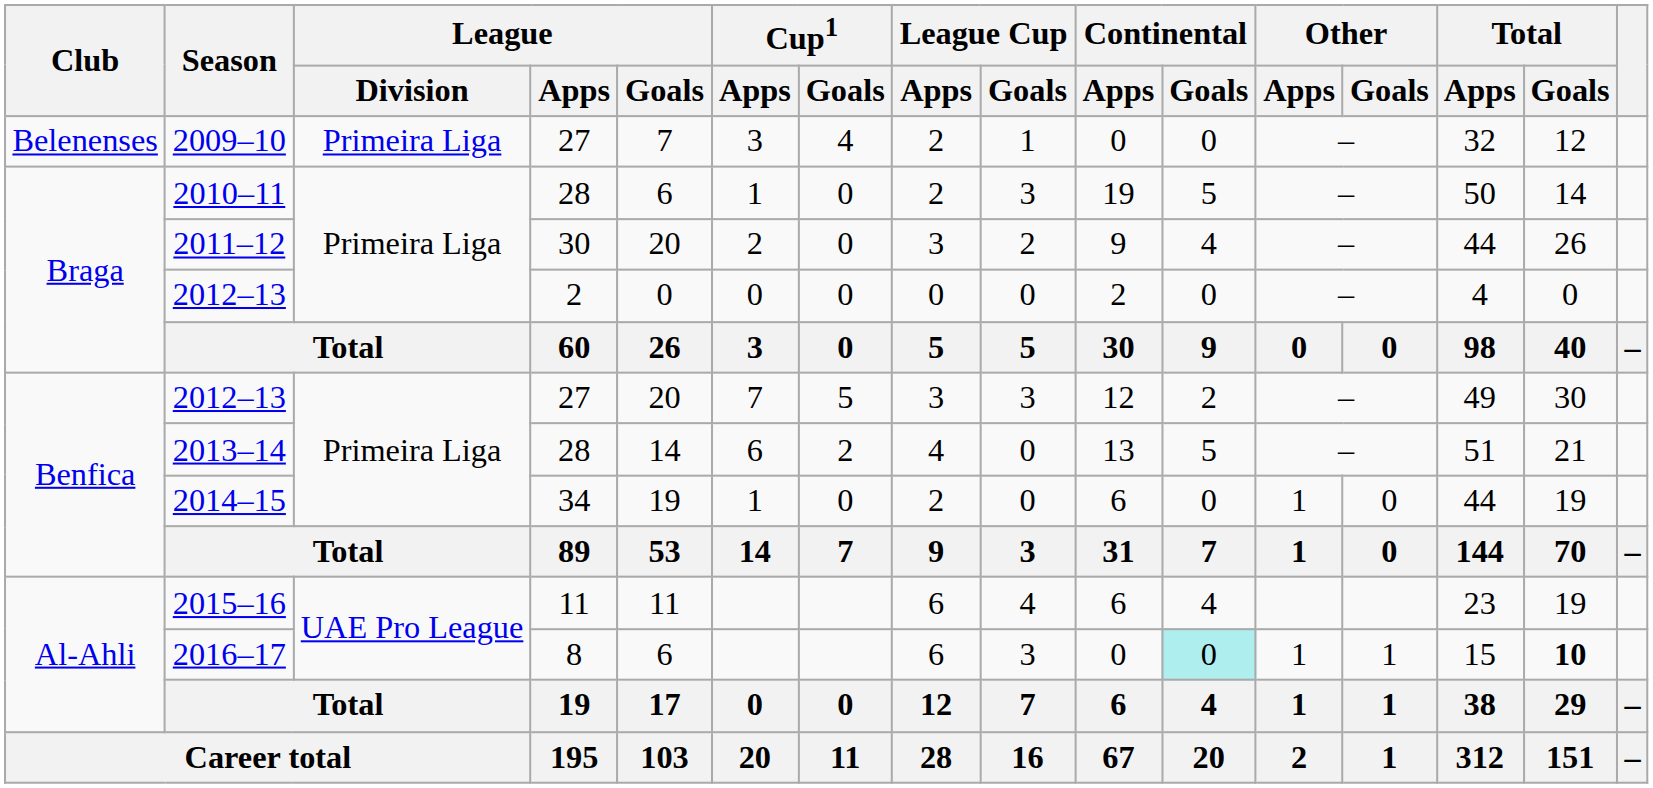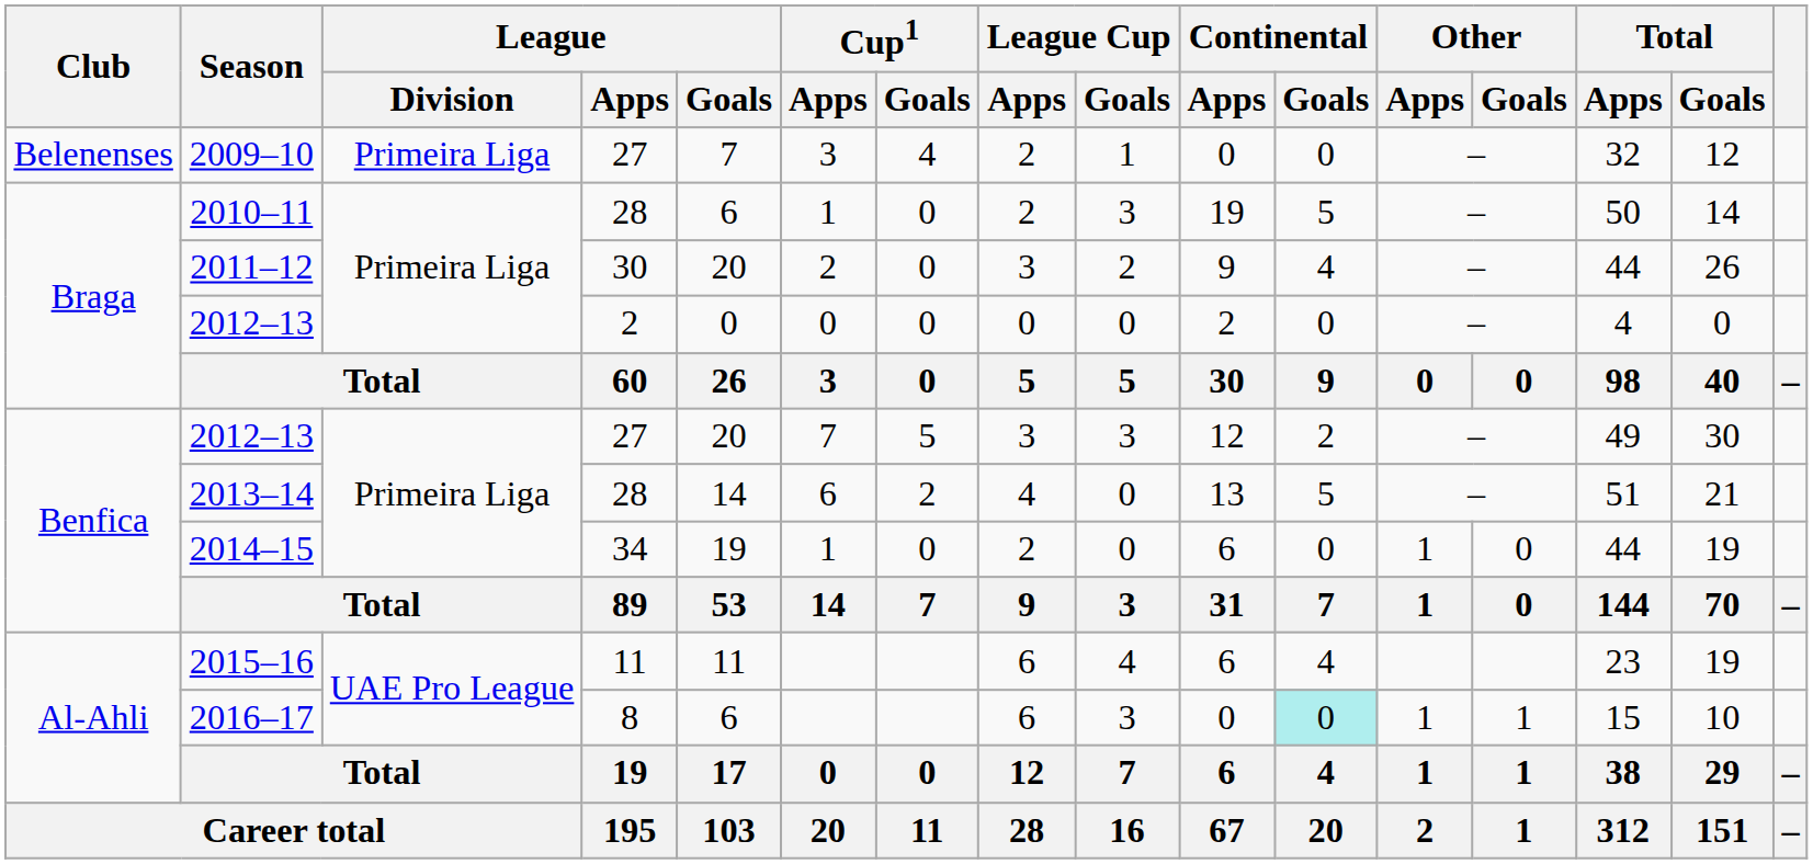 <table class="wikitable" style="text-align: center">
 <tr>
 <th rowspan="2">Club</th>
 <th rowspan="2">Season</th>
 <th colspan="3">League</th>
 <th colspan="2">Cup<sup>1</sup></th>
 <th colspan="2">League Cup</th>
 <th colspan="2">Continental</th>
 <th colspan="2">Other</th>
 <th colspan="2">Total</th>
 <th rowspan="2"></th>
 </tr>
 <tr>
 <th>Division</th>
 <th>Apps</th>
 <th>Goals</th>
 <th>Apps</th>
 <th>Goals</th>
 <th>Apps</th>
 <th>Goals</th>
 <th>Apps</th>
 <th>Goals</th>
 <th>Apps</th>
 <th>Goals</th>
 <th>Apps</th>
 <th>Goals</th>
 </tr>
 <tr>
 <td><a href='#'>Belenenses</a></td>
 <td><a href='#'>2009–10</a></td>
 <td><a href='#'>Primeira Liga</a></td>
 <td>27</td>
 <td>7</td>
 <td>3</td>
 <td>4</td>
 <td>2</td>
 <td>1</td>
 <td>0</td>
 <td>0</td>
 <td colspan="2">–</td>
 <td>32</td>
 <td>12</td>
 <td></td>
 </tr>
 <tr>
 <td rowspan="4"><a href='#'>Braga</a></td>
 <td><a href='#'>2010–11</a></td>
 <td rowspan="3">Primeira Liga</td>
 <td>28</td>
 <td>6</td>
 <td>1</td>
 <td>0</td>
 <td>2</td>
 <td>3</td>
 <td>19</td>
 <td>5</td>
 <td colspan="2">–</td>
 <td>50</td>
 <td>14</td>
 <td></td>
 </tr>
 <tr>
 <td><a href='#'>2011–12</a></td>
 <td>30</td>
 <td>20</td>
 <td>2</td>
 <td>0</td>
 <td>3</td>
 <td>2</td>
 <td>9</td>
 <td>4</td>
 <td colspan="2">–</td>
 <td>44</td>
 <td>26</td>
 <td></td>
 </tr>
 <tr>
 <td><a href='#'>2012–13</a></td>
 <td>2</td>
 <td>0</td>
 <td>0</td>
 <td>0</td>
 <td>0</td>
 <td>0</td>
 <td>2</td>
 <td>0</td>
 <td colspan="2">–</td>
 <td>4</td>
 <td>0</td>
 <td></td>
 </tr>
 <tr>
 <th colspan="2">Total</th>
 <th>60</th>
 <th>26</th>
 <th>3</th>
 <th>0</th>
 <th>5</th>
 <th>5</th>
 <th>30</th>
 <th>9</th>
 <th>0</th>
 <th>0</th>
 <th>98</th>
 <th>40</th>
 <th>–</th>
 </tr>
 <tr>
 <td rowspan="4"><a href='#'>Benfica</a></td>
 <td><a href='#'>2012–13</a></td>
 <td rowspan="3">Primeira Liga</td>
 <td>27</td>
 <td>20</td>
 <td>7</td>
 <td>5</td>
 <td>3</td>
 <td>3</td>
 <td>12</td>
 <td>2</td>
 <td colspan="2">–</td>
 <td>49</td>
 <td>30</td>
 <td></td>
 </tr>
 <tr>
 <td><a href='#'>2013–14</a></td>
 <td>28</td>
 <td>14</td>
 <td>6</td>
 <td>2</td>
 <td>4</td>
 <td>0</td>
 <td>13</td>
 <td>5</td>
 <td colspan="2">–</td>
 <td>51</td>
 <td>21</td>
 <td></td>
 </tr>
 <tr>
 <td><a href='#'>2014–15</a></td>
 <td>34</td>
 <td>19</td>
 <td>1</td>
 <td>0</td>
 <td>2</td>
 <td>0</td>
 <td>6</td>
 <td>0</td>
 <td>1</td>
 <td>0</td>
 <td>44</td>
 <td>19</td>
 <td></td>
 </tr>
 <tr>
 <th colspan="2">Total</th>
 <th>89</th>
 <th>53</th>
 <th>14</th>
 <th>7</th>
 <th>9</th>
 <th>3</th>
 <th>31</th>
 <th>7</th>
 <th>1</th>
 <th>0</th>
 <th>144</th>
 <th>70</th>
 <th>–</th>
 </tr>
 <tr>
 <td rowspan="3"><a href='#'>Al-Ahli</a></td>
 <td><a href='#'>2015–16</a></td>
 <td rowspan="2"><a href='#'>UAE Pro League</a></td>
 <td>11</td>
 <td>11</td>
 <td></td>
 <td></td>
 <td>6</td>
 <td>4</td>
 <td>6</td>
 <td>4</td>
 <td></td>
 <td></td>
 <td>23</td>
 <td>19</td>
 <td></td>
 </tr>
 <tr>
 <td><a href='#'>2016–17</a></td>
 <td>8</td>
 <td>6</td>
 <td></td>
 <td></td>
 <td>6</td>
 <td>3</td>
 <td>0</td>
 <td style="background: paleturquoise;">0</td>
 <td>1</td>
 <td>1</td>
 <td>15</td>
-<td><strong>10</strong></td>
+<td>10</td>
 <td></td>
 </tr>
 <tr>
 <th colspan="2">Total</th>
 <th>19</th>
 <th>17</th>
 <th>0</th>
 <th>0</th>
 <th>12</th>
 <th>7</th>
 <th>6</th>
 <th>4</th>
 <th>1</th>
 <th>1</th>
 <th>38</th>
 <th>29</th>
 <th>–</th>
 </tr>
 <tr>
 <th colspan="3">Career total</th>
 <th>195</th>
 <th>103</th>
 <th>20</th>
 <th>11</th>
 <th>28</th>
 <th>16</th>
 <th>67</th>
 <th>20</th>
 <th>2</th>
 <th>1</th>
 <th>312</th>
 <th>151</th>
 <th>–</th>
 </tr>
 </table>
